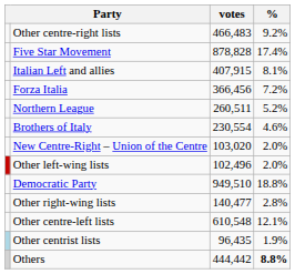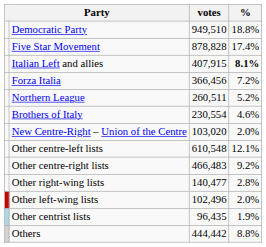 <table class=wikitable style=text-align:left>
 <tr>
 <th colspan="2" style="text-align:center;">Party</th>
 <th valign=top>votes</th>
 <th valign=top>%</th>
 </tr>
 <tr>
 <td style="color:inherit;background:"></td>
-<td>Other centre-right lists</td>
-<td align=right>466,483</td>
-<td align=right>9.2%</td>
+<td><a href='#'>Democratic Party</a></td>
+<td align=right>949,510</td>
+<td align=right>18.8%</td>
 </tr>
 <tr>
 <td style="color:inherit;background:"></td>
 <td><a href='#'>Five Star Movement</a></td>
 <td align=right>878,828</td>
 <td align=right>17.4%</td>
 </tr>
 <tr>
 <td style="color:inherit;background:"></td>
 <td><a href='#'>Italian Left</a> and allies</td>
 <td align=right>407,915</td>
-<td align=right>8.1%</td>
+<td align=right><strong>8.1%</strong></td>
 </tr>
 <tr>
 <td style="color:inherit;background:"></td>
 <td><a href='#'>Forza Italia</a></td>
 <td align=right>366,456</td>
 <td align=right>7.2%</td>
 </tr>
 <tr>
 <td style="color:inherit;background:"></td>
 <td><a href='#'>Northern League</a></td>
 <td align=right>260,511</td>
 <td align=right>5.2%</td>
 </tr>
 <tr>
 <td style="color:inherit;background:"></td>
 <td><a href='#'>Brothers of Italy</a></td>
 <td align=right>230,554</td>
 <td align=right>4.6%</td>
 </tr>
 <tr>
 <td style="color:inherit;background:"></td>
 <td><a href='#'>New Centre-Right</a> – <a href='#'>Union of the Centre</a></td>
 <td align=right>103,020</td>
 <td align=right>2.0%</td>
 </tr>
 <tr>
-<td style="color:inherit;background:#c60400;"></td>
-<td>Other left-wing lists</td>
-<td align=right>102,496</td>
-<td align=right>2.0%</td>
+<td style="color:inherit;background:"></td>
+<td>Other centre-left lists</td>
+<td align=right>610,548</td>
+<td align=right>12.1%</td>
 </tr>
 <tr>
 <td style="color:inherit;background:"></td>
-<td><a href='#'>Democratic Party</a></td>
-<td align=right>949,510</td>
-<td align=right>18.8%</td>
+<td>Other centre-right lists</td>
+<td align=right>466,483</td>
+<td align=right>9.2%</td>
 </tr>
 <tr>
 <td style="color:inherit;background:"></td>
 <td>Other right-wing lists</td>
 <td align=right>140,477</td>
 <td align=right>2.8%</td>
 </tr>
 <tr>
-<td style="color:inherit;background:"></td>
-<td>Other centre-left lists</td>
-<td align=right>610,548</td>
-<td align=right>12.1%</td>
+<td style="color:inherit;background:#c60400;"></td>
+<td>Other left-wing lists</td>
+<td align=right>102,496</td>
+<td align=right>2.0%</td>
 </tr>
 <tr>
 <td style="color:inherit;background:lightblue;"></td>
 <td>Other centrist lists</td>
 <td align=right>96,435</td>
 <td align=right>1.9%</td>
 </tr>
 <tr>
 <td style="color:inherit;background:lightgrey;"></td>
 <td>Others</td>
 <td align=right>444,442</td>
-<td align=right><strong>8.8%</strong></td>
+<td align=right>8.8%</td>
 </tr>
 </table>
